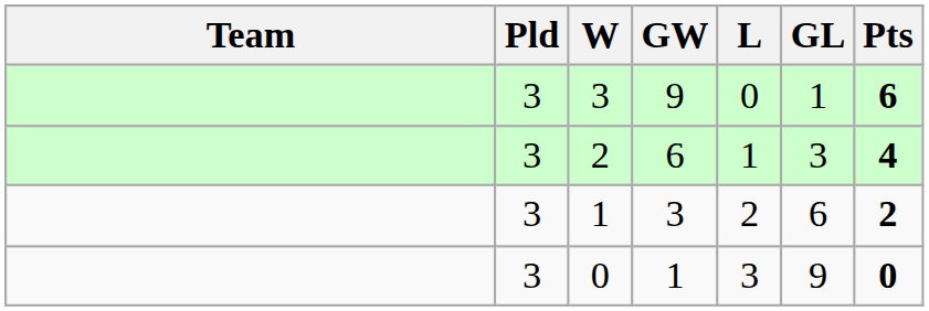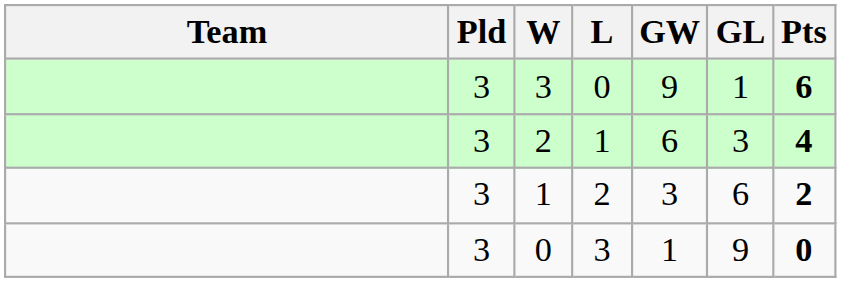 <table class="wikitable" style="text-align:center">
 <tr>
 <th width=200>Team</th>
 <th width=20>Pld</th>
 <th width=20>W</th>
+<th width=20>L</th>
 <th width=20>GW</th>
-<th width=20>L</th>
 <th width=20>GL</th>
 <th width=20>Pts</th>
 </tr>
 <tr bgcolor=#ccffcc>
 <td style="text-align:left;"></td>
 <td>3</td>
 <td>3</td>
+<td>0</td>
 <td>9</td>
-<td>0</td>
 <td>1</td>
 <td><strong>6</strong></td>
 </tr>
 <tr bgcolor=#ccffcc>
 <td style="text-align:left;"></td>
 <td>3</td>
 <td>2</td>
+<td>1</td>
 <td>6</td>
-<td>1</td>
 <td>3</td>
 <td><strong>4</strong></td>
 </tr>
 <tr>
 <td style="text-align:left;"></td>
 <td>3</td>
 <td>1</td>
+<td>2</td>
 <td>3</td>
-<td>2</td>
 <td>6</td>
 <td><strong>2</strong></td>
 </tr>
 <tr>
 <td style="text-align:left;"></td>
 <td>3</td>
 <td>0</td>
+<td>3</td>
 <td>1</td>
-<td>3</td>
 <td>9</td>
 <td><strong>0</strong></td>
 </tr>
 </table>
